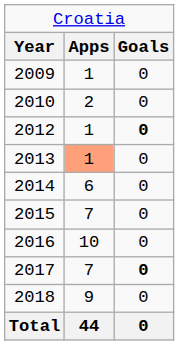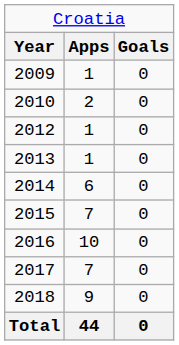 <table class="wikitable" style="text-align:center">
 <tr>
 <td colspan=6><a href='#'>Croatia</a></td>
 </tr>
 <tr>
 <th>Year</th>
 <th>Apps</th>
 <th>Goals</th>
 </tr>
 <tr>
 <td>2009</td>
 <td>1</td>
 <td>0</td>
 </tr>
 <tr>
 <td>2010</td>
 <td>2</td>
 <td>0</td>
 </tr>
 <tr>
 <td>2012</td>
 <td>1</td>
-<td><strong>0</strong></td>
+<td>0</td>
 </tr>
 <tr>
 <td>2013</td>
-<td style="background: lightsalmon;">1</td>
+<td>1</td>
 <td>0</td>
 </tr>
 <tr>
 <td>2014</td>
 <td>6</td>
 <td>0</td>
 </tr>
 <tr>
 <td>2015</td>
 <td>7</td>
 <td>0</td>
 </tr>
 <tr>
 <td>2016</td>
 <td>10</td>
 <td>0</td>
 </tr>
 <tr>
 <td>2017</td>
 <td>7</td>
-<td><strong>0</strong></td>
+<td>0</td>
 </tr>
 <tr>
 <td>2018</td>
 <td>9</td>
 <td>0</td>
 </tr>
 <tr>
 <th>Total</th>
 <th>44</th>
 <th>0</th>
 </tr>
 </table>
